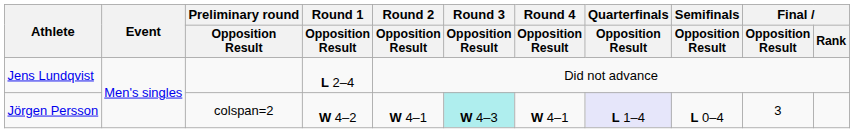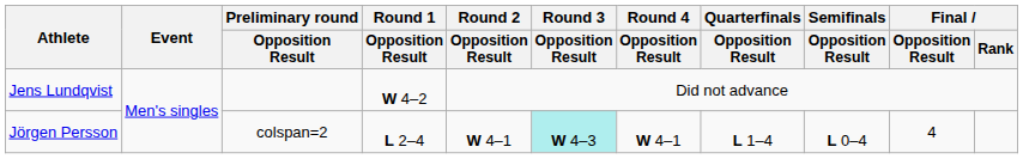 <table class="wikitable" style="font-size:90%">
 <tr>
 <th rowspan="2">Athlete</th>
 <th rowspan="2">Event</th>
 <th>Preliminary round</th>
 <th>Round 1</th>
 <th>Round 2</th>
 <th>Round 3</th>
 <th>Round 4</th>
 <th>Quarterfinals</th>
 <th>Semifinals</th>
 <th colspan=2>Final / </th>
 </tr>
 <tr style="font-size:95%">
 <th>Opposition<br>Result</th>
 <th>Opposition<br>Result</th>
 <th>Opposition<br>Result</th>
 <th>Opposition<br>Result</th>
 <th>Opposition<br>Result</th>
 <th>Opposition<br>Result</th>
 <th>Opposition<br>Result</th>
 <th>Opposition<br>Result</th>
 <th>Rank</th>
 </tr>
 <tr align=center>
 <td align=left><a href='#'>Jens Lundqvist</a></td>
 <td align=left rowspan=2><a href='#'>Men's singles</a></td>
 <td></td>
-<td><br><strong>L</strong> 2–4</td>
+<td><br><strong>W</strong> 4–2</td>
 <td colspan=7>Did not advance</td>
 </tr>
 <tr align=center>
 <td align=left><a href='#'>Jörgen Persson</a></td>
 <td>colspan=2 </td>
-<td><br><strong>W</strong> 4–2</td>
+<td><br><strong>L</strong> 2–4</td>
 <td><br><strong>W</strong> 4–1</td>
 <td style="background: paleturquoise;"><br><strong>W</strong> 4–3</td>
 <td><br><strong>W</strong> 4–1</td>
-<td style="background: lavender;"><br><strong>L</strong> 1–4</td>
+<td><br><strong>L</strong> 1–4</td>
 <td> <br><strong>L</strong> 0–4</td>
-<td>3</td>
+<td>4</td>
 </tr>
 </table>
